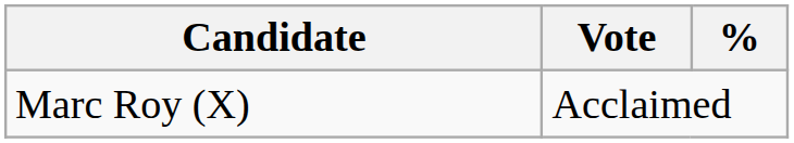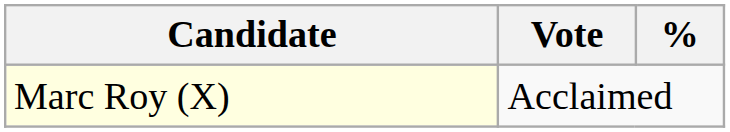 <table class="wikitable">
 <tr>
 <th bgcolor="#DDDDFF" width="200px">Candidate</th>
 <th bgcolor="#DDDDFF" width="50px">Vote</th>
 <th bgcolor="#DDDDFF" width="30px">%</th>
 </tr>
 <tr>
-<td>Marc Roy (X)</td>
+<td style="background: lightyellow;">Marc Roy (X)</td>
 <td colspan="2">Acclaimed</td>
 </tr>
 </table>
